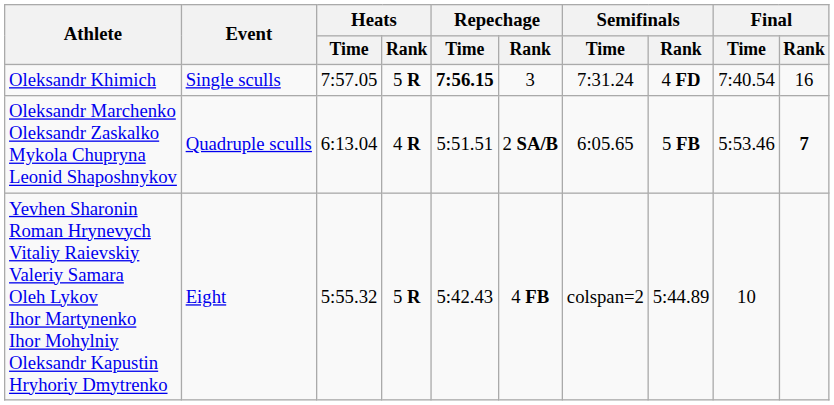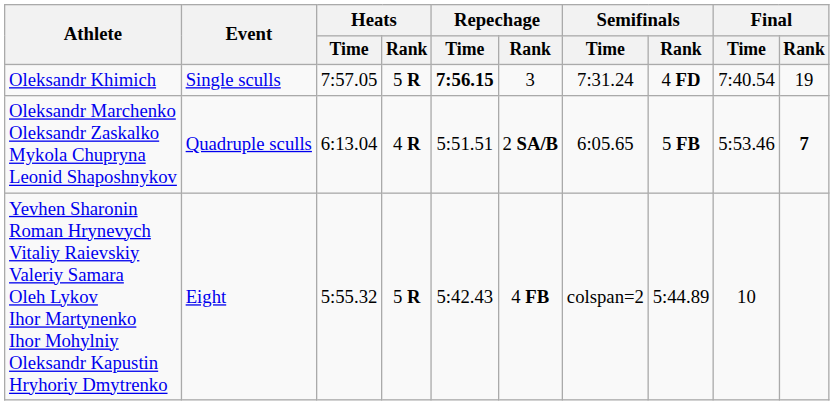 <table class="wikitable" style="font-size:90%">
 <tr>
 <th rowspan="2">Athlete</th>
 <th rowspan="2">Event</th>
 <th colspan="2">Heats</th>
 <th colspan="2">Repechage</th>
 <th colspan="2">Semifinals</th>
 <th colspan="2">Final</th>
 </tr>
 <tr style="font-size:95%">
 <th>Time</th>
 <th>Rank</th>
 <th>Time</th>
 <th>Rank</th>
 <th>Time</th>
 <th>Rank</th>
 <th>Time</th>
 <th>Rank</th>
 </tr>
 <tr align=center>
 <td align=left><a href='#'>Oleksandr Khimich</a></td>
 <td align=left><a href='#'>Single sculls</a></td>
 <td>7:57.05</td>
 <td>5 <strong>R</strong></td>
 <td><strong>7:56.15</strong></td>
 <td>3</td>
 <td>7:31.24</td>
 <td>4 <strong>FD</strong></td>
 <td>7:40.54</td>
-<td>16</td>
+<td>19</td>
 </tr>
 <tr align=center>
 <td align=left><a href='#'>Oleksandr Marchenko</a><br><a href='#'>Oleksandr Zaskalko</a><br><a href='#'>Mykola Chupryna</a><br><a href='#'>Leonid Shaposhnykov</a></td>
 <td align=left><a href='#'>Quadruple sculls</a></td>
 <td>6:13.04</td>
 <td>4 <strong>R</strong></td>
 <td>5:51.51</td>
 <td>2 <strong>SA/B</strong></td>
 <td>6:05.65</td>
 <td>5 <strong>FB</strong></td>
 <td>5:53.46</td>
 <td><strong>7</strong></td>
 </tr>
 <tr align=center>
 <td align=left><a href='#'>Yevhen Sharonin</a><br><a href='#'>Roman Hrynevych</a><br><a href='#'>Vitaliy Raievskiy</a><br><a href='#'>Valeriy Samara</a><br><a href='#'>Oleh Lykov</a><br><a href='#'>Ihor Martynenko</a><br><a href='#'>Ihor Mohylniy</a><br><a href='#'>Oleksandr Kapustin</a><br><a href='#'>Hryhoriy Dmytrenko</a></td>
 <td align=left><a href='#'>Eight</a></td>
 <td>5:55.32</td>
 <td>5 <strong>R</strong></td>
 <td>5:42.43</td>
 <td>4 <strong>FB</strong></td>
 <td>colspan=2 </td>
 <td>5:44.89</td>
 <td>10</td>
 </tr>
 </table>
